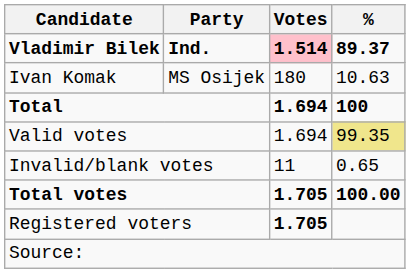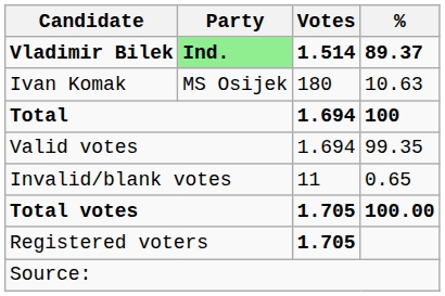 <table class="wikitable" style="text-align: left;">
 <tr>
 <th>Candidate</th>
 <th>Party</th>
 <th>Votes</th>
 <th>%</th>
 </tr>
 <tr>
 <td><strong>Vladimir Bilek</strong></td>
-<td><strong>Ind.</strong></td>
-<td style="background: pink;"><strong>1.514</strong></td>
+<td style="background: lightgreen;"><strong>Ind.</strong></td>
+<td><strong>1.514</strong></td>
 <td><strong>89.37</strong></td>
 </tr>
 <tr>
 <td>Ivan Komak</td>
 <td>MS Osijek</td>
 <td>180</td>
 <td>10.63</td>
 </tr>
 <tr>
 <td colspan="2"><strong>Total</strong></td>
 <td><strong>1.694</strong></td>
 <td><strong>100</strong></td>
 </tr>
 <tr>
 <td colspan="2">Valid votes</td>
 <td>1.694</td>
-<td style="background: khaki;">99.35</td>
+<td>99.35</td>
 </tr>
 <tr>
 <td colspan="2">Invalid/blank votes</td>
 <td>11</td>
 <td>0.65</td>
 </tr>
 <tr>
 <td colspan="2"><strong>Total votes</strong></td>
 <td><strong>1.705</strong></td>
 <td><strong>100.00</strong></td>
 </tr>
 <tr>
 <td colspan="2">Registered voters</td>
 <td><strong>1.705</strong></td>
 <td></td>
 </tr>
 <tr>
 <td colspan="4">Source: </td>
 </tr>
 </table>
